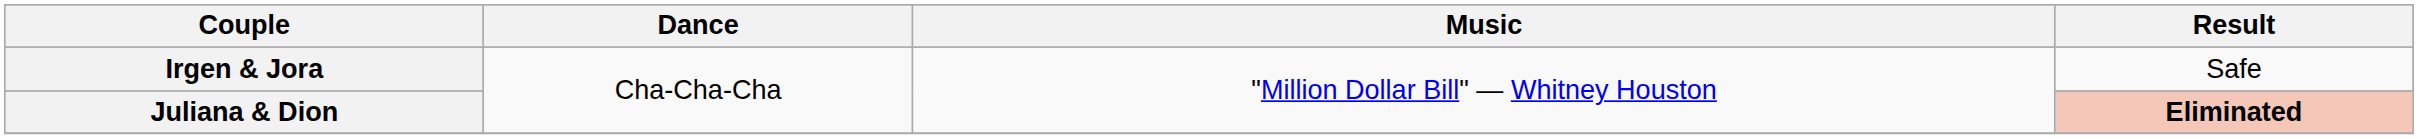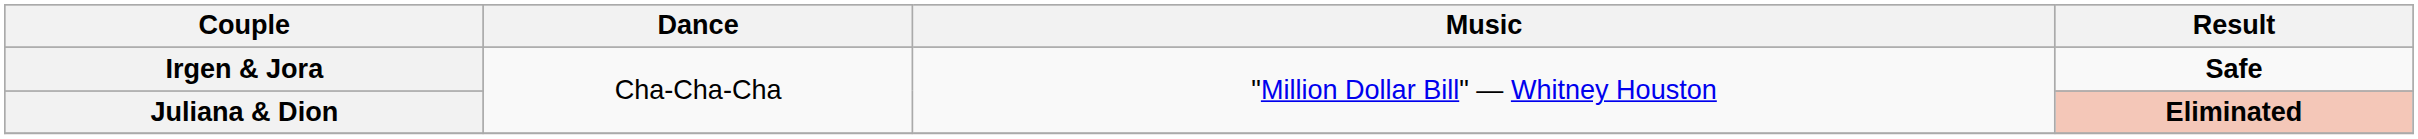 <table class="wikitable sortable" style="text-align:center; width: 90%">
 <tr>
 <th scope="col">Couple</th>
 <th scope="col" class="unsortable">Dance</th>
 <th scope="col" class="unsortable">Music</th>
 <th scope="col" class="unsortable">Result</th>
 </tr>
 <tr>
 <th scope="row">Irgen & Jora</th>
 <td rowspan="2">Cha-Cha-Cha</td>
 <td rowspan="2">"<a href='#'>Million Dollar Bill</a>" — <a href='#'>Whitney Houston</a></td>
-<td>Safe</td>
+<td><strong>Safe</strong></td>
 </tr>
 <tr>
 <th scope="row">Juliana & Dion</th>
 <td bgcolor= f4c7b8><strong>Eliminated</strong></td>
 </tr>
 <tr>
 </tr>
 </table>
